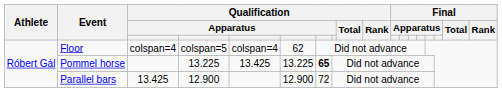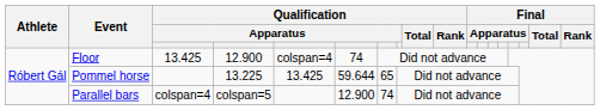 <table class="wikitable" style="font-size:90%">
 <tr>
 <th rowspan=3>Athlete</th>
 <th rowspan=3>Event</th>
 <th colspan =8>Qualification</th>
 <th colspan =8>Final</th>
 </tr>
 <tr style="font-size:95%">
 <th colspan=6>Apparatus</th>
 <th rowspan=2>Total</th>
 <th rowspan=2>Rank</th>
 <th colspan=6>Apparatus</th>
 <th rowspan=2>Total</th>
 <th rowspan=2>Rank</th>
 </tr>
 <tr style="font-size:95%">
 <th></th>
 <th></th>
 <th></th>
 <th></th>
 <th></th>
 <th></th>
 <th></th>
 <th></th>
 <th></th>
 <th></th>
 <th></th>
 <th></th>
 </tr>
 <tr align=center>
 <td align=left rowspan=3><a href='#'>Róbert Gál</a></td>
 <td align=left><a href='#'>Floor</a></td>
+<td>13.425</td>
+<td>12.900</td>
 <td>colspan=4 </td>
-<td>colspan=5 </td>
-<td>colspan=4 </td>
-<td>62</td>
+<td>74</td>
 <td colspan=8>Did not advance</td>
 </tr>
 <tr align=center>
 <td align=left><a href='#'>Pommel horse</a></td>
 <td></td>
 <td>13.225</td>
 <td>13.425</td>
-<td>13.225</td>
-<td><strong>65</strong></td>
+<td>59.644</td>
+<td>65</td>
 <td colspan=8>Did not advance</td>
 </tr>
 <tr align=center>
 <td align=left><a href='#'>Parallel bars</a></td>
-<td>13.425</td>
-<td>12.900</td>
+<td>colspan=4 </td>
+<td>colspan=5 </td>
 <td></td>
 <td>12.900</td>
-<td>72</td>
+<td>74</td>
 <td colspan=8>Did not advance</td>
 </tr>
 </table>
